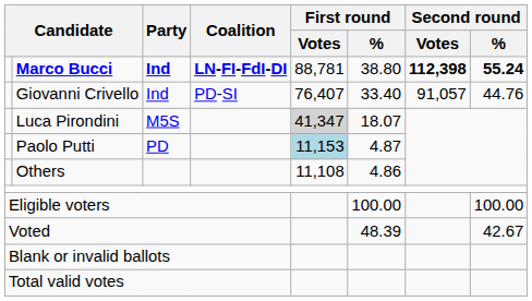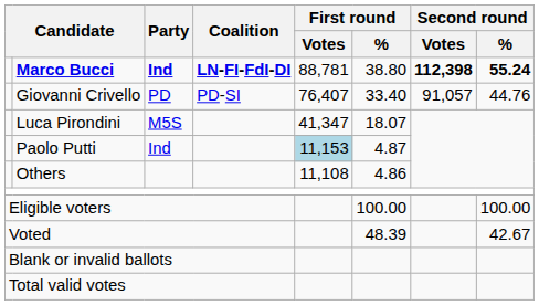 <table class="wikitable centre">
 <tr>
 <th scope="col" rowspan=2 colspan=2>Candidate</th>
 <th scope="col" rowspan=2 colspan=1>Party</th>
 <th scope="col" rowspan=2 colspan=1>Coalition</th>
 <th scope="col" colspan=2>First round</th>
 <th scope="col" colspan=2>Second round</th>
 </tr>
 <tr>
 <th scope="col">Votes</th>
 <th scope="col">%</th>
 <th scope="col">Votes</th>
 <th scope="col">%</th>
 </tr>
 <tr>
 <td></td>
 <td><strong><a href='#'>Marco Bucci</a></strong></td>
 <td><strong><a href='#'>Ind</a></strong></td>
 <td><strong><a href='#'>LN</a>-<a href='#'>FI</a>-<a href='#'>FdI</a>-<a href='#'>DI</a></strong></td>
 <td style="text-align: right">88,781</td>
 <td style="text-align: right">38.80</td>
 <td style="text-align: right"><strong>112,398</strong></td>
 <td style="text-align: right"><strong>55.24</strong></td>
 </tr>
 <tr>
 <td></td>
 <td>Giovanni Crivello</td>
-<td><a href='#'>Ind</a></td>
+<td><a href='#'>PD</a></td>
 <td><a href='#'>PD</a>-<a href='#'>SI</a></td>
 <td style="text-align: right">76,407</td>
 <td style="text-align: right">33.40</td>
 <td style="text-align: right">91,057</td>
 <td style="text-align: right">44.76</td>
 </tr>
 <tr>
 <td></td>
 <td>Luca Pirondini</td>
 <td><a href='#'>M5S</a></td>
 <td></td>
-<td style="background: lightgrey; text-align: right">41,347</td>
+<td style="text-align: right">41,347</td>
 <td style="text-align: right">18.07</td>
 </tr>
 <tr>
 <td></td>
 <td>Paolo Putti</td>
-<td><a href='#'>PD</a></td>
+<td><a href='#'>Ind</a></td>
 <td></td>
 <td style="background: lightblue; text-align: right">11,153</td>
 <td style="text-align: right">4.87</td>
 </tr>
 <tr>
 <td bgcolor=""></td>
 <td>Others</td>
 <td></td>
 <td></td>
 <td style="text-align: right">11,108</td>
 <td style="text-align: right">4.86</td>
 </tr>
 <tr bgcolor=white>
 <td colspan=8></td>
 </tr>
 <tr>
 <td colspan=4>Eligible voters</td>
 <td style="text-align: right"></td>
 <td style="text-align: right">100.00</td>
 <td style="text-align: right"></td>
 <td style="text-align: right">100.00</td>
 </tr>
 <tr>
 <td colspan=4>Voted</td>
 <td style="text-align: right"></td>
 <td style="text-align: right">48.39</td>
 <td style="text-align: right"></td>
 <td style="text-align: right">42.67</td>
 </tr>
 <tr>
 <td colspan=4>Blank or invalid ballots</td>
 <td style="text-align: right"></td>
 <td style="text-align: right"></td>
 <td style="text-align: right"></td>
 <td style="text-align: right"></td>
 </tr>
 <tr>
 <td colspan=4>Total valid votes</td>
 <td style="text-align: right"></td>
 <td style="text-align: right"></td>
 <td style="text-align: right"></td>
 <td style="text-align: right"></td>
 </tr>
 </table>
